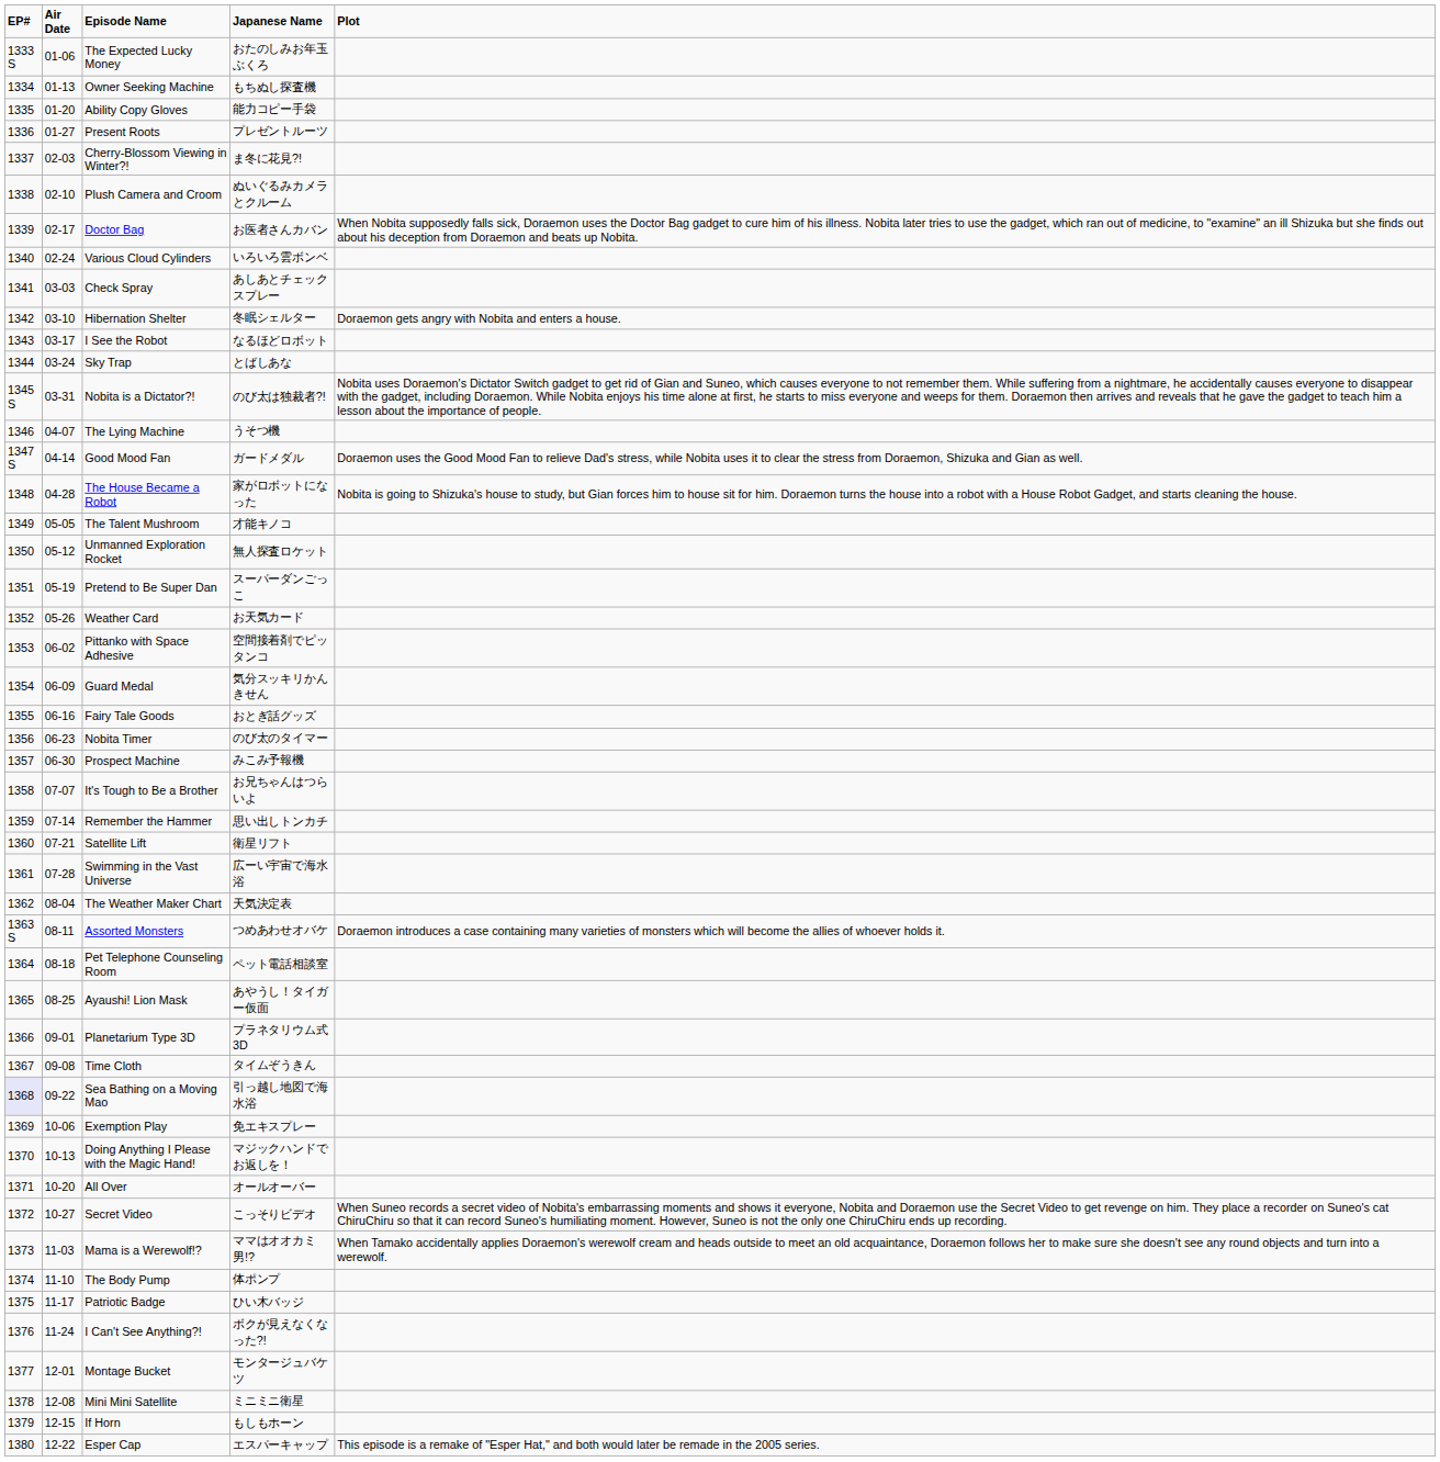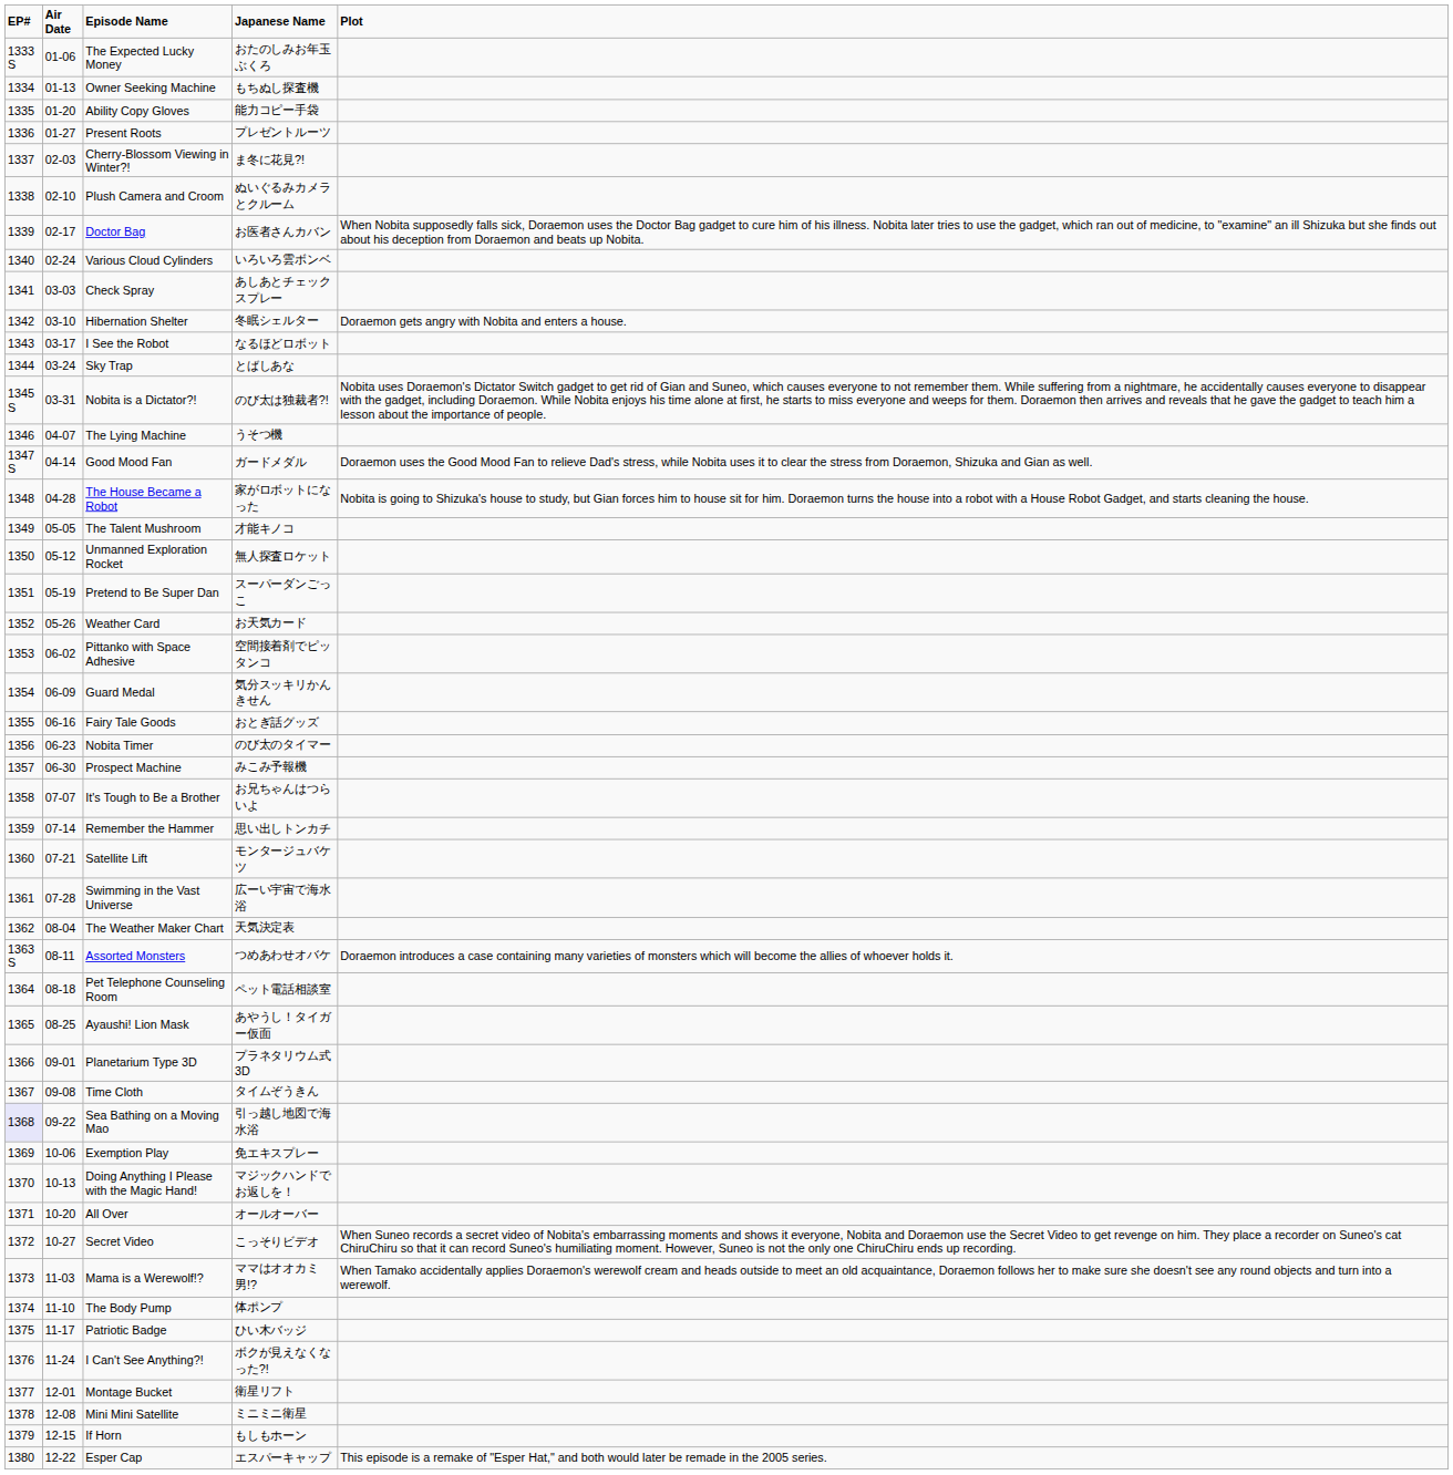 <table class="wikitable" style="font-size:small;">
 <tr>
 <td><strong>EP#</strong></td>
 <td><strong>Air Date</strong></td>
 <td><strong>Episode Name</strong></td>
 <td><strong>Japanese Name</strong></td>
 <td><strong>Plot</strong></td>
 </tr>
 <tr>
 <td>1333 S</td>
 <td>01-06</td>
 <td>The Expected Lucky Money</td>
 <td>おたのしみお年玉ぶくろ</td>
 <td></td>
 </tr>
 <tr>
 <td>1334</td>
 <td>01-13</td>
 <td>Owner Seeking Machine</td>
 <td>もちぬし探査機</td>
 <td></td>
 </tr>
 <tr>
 <td>1335</td>
 <td>01-20</td>
 <td>Ability Copy Gloves</td>
 <td>能力コピー手袋</td>
 <td></td>
 </tr>
 <tr>
 <td>1336</td>
 <td>01-27</td>
 <td>Present Roots</td>
 <td>プレゼントルーツ</td>
 <td></td>
 </tr>
 <tr>
 <td>1337</td>
 <td>02-03</td>
 <td>Cherry-Blossom Viewing in Winter?!</td>
 <td>ま冬に花見?!</td>
 <td></td>
 </tr>
 <tr>
 <td>1338</td>
 <td>02-10</td>
 <td>Plush Camera and Croom</td>
 <td>ぬいぐるみカメラとクルーム</td>
 <td></td>
 </tr>
 <tr>
 <td>1339</td>
 <td>02-17</td>
 <td><a href='#'>Doctor Bag</a></td>
 <td>お医者さんカバン</td>
 <td>When Nobita supposedly falls sick, Doraemon uses the Doctor Bag gadget to cure him of his illness. Nobita later tries to use the gadget, which ran out of medicine, to "examine" an ill Shizuka but she finds out about his deception from Doraemon and beats up Nobita.</td>
 </tr>
 <tr>
 <td>1340</td>
 <td>02-24</td>
 <td>Various Cloud Cylinders</td>
 <td>いろいろ雲ボンベ</td>
 <td></td>
 </tr>
 <tr>
 <td>1341</td>
 <td>03-03</td>
 <td>Check Spray</td>
 <td>あしあとチェックスプレー</td>
 <td></td>
 </tr>
 <tr>
 <td>1342</td>
 <td>03-10</td>
 <td>Hibernation Shelter</td>
 <td>冬眠シェルター</td>
 <td>Doraemon gets angry with Nobita and enters a house.</td>
 </tr>
 <tr>
 <td>1343</td>
 <td>03-17</td>
 <td>I See the Robot</td>
 <td>なるほどロボット</td>
 <td></td>
 </tr>
 <tr>
 <td>1344</td>
 <td>03-24</td>
 <td>Sky Trap</td>
 <td>とばしあな</td>
 <td></td>
 </tr>
 <tr>
 <td>1345 S</td>
 <td>03-31</td>
 <td>Nobita is a Dictator?!</td>
 <td>のび太は独裁者?!</td>
 <td>Nobita uses Doraemon's Dictator Switch gadget to get rid of Gian and Suneo, which causes everyone to not remember them. While suffering from a nightmare, he accidentally causes everyone to disappear with the gadget, including Doraemon. While Nobita enjoys his time alone at first, he starts to miss everyone and weeps for them. Doraemon then arrives and reveals that he gave the gadget to teach him a lesson about the importance of people.</td>
 </tr>
 <tr>
 <td>1346</td>
 <td>04-07</td>
 <td>The Lying Machine</td>
 <td>うそつ機</td>
 <td></td>
 </tr>
 <tr>
 <td>1347 S</td>
 <td>04-14</td>
 <td>Good Mood Fan</td>
 <td>ガードメダル</td>
 <td>Doraemon uses the Good Mood Fan to relieve Dad's stress, while Nobita uses it to clear the stress from Doraemon, Shizuka and Gian as well.</td>
 </tr>
 <tr>
 <td>1348</td>
 <td>04-28</td>
 <td><a href='#'>The House Became a Robot</a></td>
 <td>家がロボットになった</td>
 <td>Nobita is going to Shizuka's house to study, but Gian forces him to house sit for him. Doraemon turns the house into a robot with a House Robot Gadget, and starts cleaning the house.</td>
 </tr>
 <tr>
 <td>1349</td>
 <td>05-05</td>
 <td>The Talent Mushroom</td>
 <td>才能キノコ</td>
 <td></td>
 </tr>
 <tr>
 <td>1350</td>
 <td>05-12</td>
 <td>Unmanned Exploration Rocket</td>
 <td>無人探査ロケット</td>
 <td></td>
 </tr>
 <tr>
 <td>1351</td>
 <td>05-19</td>
 <td>Pretend to Be Super Dan</td>
 <td>スーパーダンごっこ</td>
 <td></td>
 </tr>
 <tr>
 <td>1352</td>
 <td>05-26</td>
 <td>Weather Card</td>
 <td>お天気カード</td>
 <td></td>
 </tr>
 <tr>
 <td>1353</td>
 <td>06-02</td>
 <td>Pittanko with Space Adhesive</td>
 <td>空間接着剤でピッタンコ</td>
 <td></td>
 </tr>
 <tr>
 <td>1354</td>
 <td>06-09</td>
 <td>Guard Medal</td>
 <td>気分スッキリかんきせん</td>
 <td></td>
 </tr>
 <tr>
 <td>1355</td>
 <td>06-16</td>
 <td>Fairy Tale Goods</td>
 <td>おとぎ話グッズ</td>
 <td></td>
 </tr>
 <tr>
 <td>1356</td>
 <td>06-23</td>
 <td>Nobita Timer</td>
 <td>のび太のタイマー</td>
 <td></td>
 </tr>
 <tr>
 <td>1357</td>
 <td>06-30</td>
 <td>Prospect Machine</td>
 <td>みこみ予報機</td>
 <td></td>
 </tr>
 <tr>
 <td>1358</td>
 <td>07-07</td>
 <td>It's Tough to Be a Brother</td>
 <td>お兄ちゃんはつらいよ</td>
 <td></td>
 </tr>
 <tr>
 <td>1359</td>
 <td>07-14</td>
 <td>Remember the Hammer</td>
 <td>思い出しトンカチ</td>
 <td></td>
 </tr>
 <tr>
 <td>1360</td>
 <td>07-21</td>
 <td>Satellite Lift</td>
-<td>衛星リフト</td>
+<td>モンタージュバケツ</td>
 <td></td>
 </tr>
 <tr>
 <td>1361</td>
 <td>07-28</td>
 <td>Swimming in the Vast Universe</td>
 <td>広ーい宇宙で海水浴</td>
 <td></td>
 </tr>
 <tr>
 <td>1362</td>
 <td>08-04</td>
 <td>The Weather Maker Chart</td>
 <td>天気決定表</td>
 <td></td>
 </tr>
 <tr>
 <td>1363 S</td>
 <td>08-11</td>
 <td><a href='#'>Assorted Monsters</a></td>
 <td>つめあわせオバケ</td>
 <td>Doraemon introduces a case containing many varieties of monsters which will become the allies of whoever holds it.</td>
 </tr>
 <tr>
 <td>1364</td>
 <td>08-18</td>
 <td>Pet Telephone Counseling Room</td>
 <td>ペット電話相談室</td>
 <td></td>
 </tr>
 <tr>
 <td>1365</td>
 <td>08-25</td>
 <td>Ayaushi! Lion Mask</td>
 <td>あやうし！タイガー仮面</td>
 <td></td>
 </tr>
 <tr>
 <td>1366</td>
 <td>09-01</td>
 <td>Planetarium Type 3D</td>
 <td>プラネタリウム式3D</td>
 <td></td>
 </tr>
 <tr>
 <td>1367</td>
 <td>09-08</td>
 <td>Time Cloth</td>
 <td>タイムぞうきん</td>
 <td></td>
 </tr>
 <tr>
 <td style="background: lavender;">1368</td>
 <td>09-22</td>
 <td>Sea Bathing on a Moving Mao</td>
 <td>引っ越し地図で海水浴</td>
 <td></td>
 </tr>
 <tr>
 <td>1369</td>
 <td>10-06</td>
 <td>Exemption Play</td>
 <td>免エキスプレー</td>
 <td></td>
 </tr>
 <tr>
 <td>1370</td>
 <td>10-13</td>
 <td>Doing Anything I Please with the Magic Hand!</td>
 <td>マジックハンドでお返しを！</td>
 <td></td>
 </tr>
 <tr>
 <td>1371</td>
 <td>10-20</td>
 <td>All Over</td>
 <td>オールオーバー</td>
 <td></td>
 </tr>
 <tr>
 <td>1372</td>
 <td>10-27</td>
 <td>Secret Video</td>
 <td>こっそりビデオ</td>
 <td>When Suneo records a secret video of Nobita's embarrassing moments and shows it everyone, Nobita and Doraemon use the Secret Video to get revenge on him. They place a recorder on Suneo's cat ChiruChiru so that it can record Suneo's humiliating moment. However, Suneo is not the only one ChiruChiru ends up recording.</td>
 </tr>
 <tr>
 <td>1373</td>
 <td>11-03</td>
 <td>Mama is a Werewolf!?</td>
 <td>ママはオオカミ男!?</td>
 <td>When Tamako accidentally applies Doraemon's werewolf cream and heads outside to meet an old acquaintance, Doraemon follows her to make sure she doesn't see any round objects and turn into a werewolf.</td>
 </tr>
 <tr>
 <td>1374</td>
 <td>11-10</td>
 <td>The Body Pump</td>
 <td>体ポンプ</td>
 <td></td>
 </tr>
 <tr>
 <td>1375</td>
 <td>11-17</td>
 <td>Patriotic Badge</td>
 <td>ひい木バッジ</td>
 <td></td>
 </tr>
 <tr>
 <td>1376</td>
 <td>11-24</td>
 <td>I Can't See Anything?!</td>
 <td>ボクが見えなくなった?!</td>
 <td></td>
 </tr>
 <tr>
 <td>1377</td>
 <td>12-01</td>
 <td>Montage Bucket</td>
-<td>モンタージュバケツ</td>
+<td>衛星リフト</td>
 <td></td>
 </tr>
 <tr>
 <td>1378</td>
 <td>12-08</td>
 <td>Mini Mini Satellite</td>
 <td>ミニミニ衛星</td>
 <td></td>
 </tr>
 <tr>
 <td>1379</td>
 <td>12-15</td>
 <td>If Horn</td>
 <td>もしもホーン</td>
 <td></td>
 </tr>
 <tr>
 <td>1380</td>
 <td>12-22</td>
 <td>Esper Cap</td>
 <td>エスパーキャップ</td>
 <td>This episode is a remake of "Esper Hat," and both would later be remade in the 2005 series.</td>
 </tr>
 </table>
